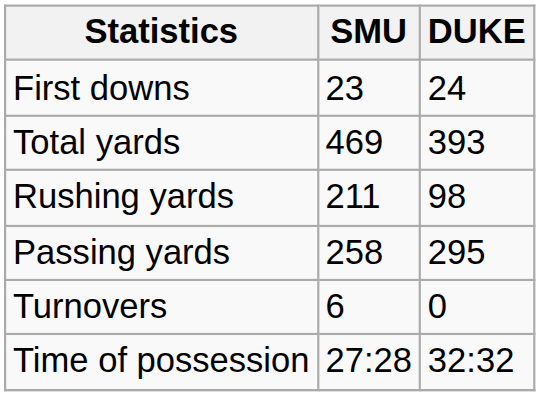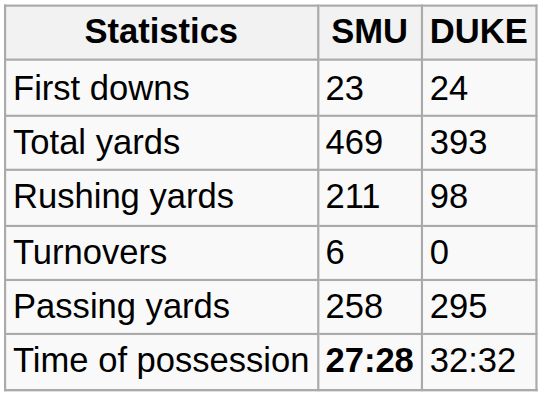 <table class="wikitable" style="float: left;">
 <tr>
 <th>Statistics</th>
 <th>SMU</th>
 <th>DUKE</th>
 </tr>
 <tr>
 <td>First downs</td>
 <td>23</td>
 <td>24</td>
 </tr>
 <tr>
 <td>Total yards</td>
 <td>469</td>
 <td>393</td>
 </tr>
 <tr>
 <td>Rushing yards</td>
 <td>211</td>
 <td>98</td>
 </tr>
 <tr>
+<td>Turnovers</td>
+<td>6</td>
+<td>0</td>
+</tr>
+<tr>
 <td>Passing yards</td>
 <td>258</td>
 <td>295</td>
 </tr>
 <tr>
-<td>Turnovers</td>
-<td>6</td>
-<td>0</td>
-</tr>
-<tr>
 <td>Time of possession</td>
-<td>27:28</td>
+<td><strong>27:28</strong></td>
 <td>32:32</td>
 </tr>
 <tr>
 </tr>
 </table>
